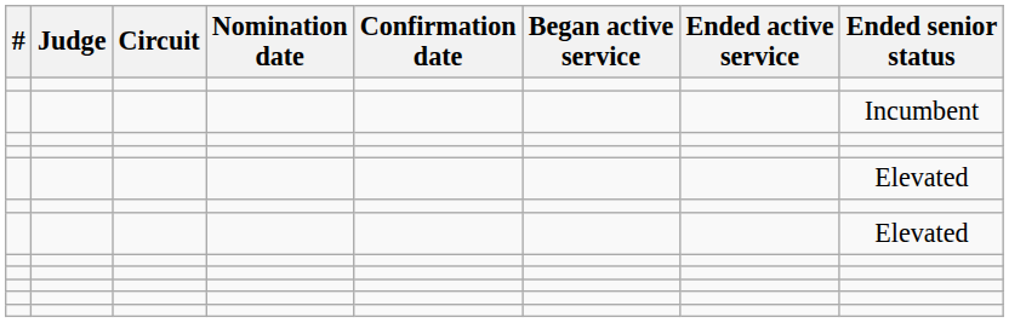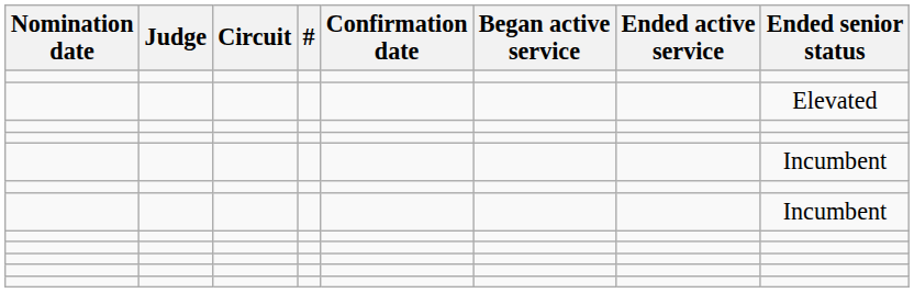 <table class="sortable wikitable">
 <tr bgcolor="#ececec">
-<th>#</th>
+<th>Nomination<br>date</th>
 <th>Judge</th>
 <th>Circuit</th>
-<th>Nomination<br>date</th>
+<th>#</th>
 <th>Confirmation<br>date</th>
 <th>Began active<br>service</th>
 <th>Ended active<br>service</th>
 <th>Ended senior<br>status</th>
 </tr>
 <tr>
 <td></td>
 <td></td>
 <td></td>
 <td></td>
 <td></td>
 <td></td>
 <td></td>
 <td align="center"></td>
+</tr>
+<tr>
+<td></td>
+<td></td>
+<td></td>
+<td></td>
+<td></td>
+<td></td>
+<td></td>
+<td align="center">Elevated</td>
+</tr>
+<tr>
+<td></td>
+<td></td>
+<td></td>
+<td></td>
+<td></td>
+<td></td>
+<td></td>
+<td></td>
+</tr>
+<tr>
+<td></td>
+<td></td>
+<td></td>
+<td></td>
+<td></td>
+<td></td>
+<td></td>
+<td></td>
 </tr>
 <tr>
 <td></td>
 <td></td>
 <td></td>
 <td></td>
 <td></td>
 <td></td>
 <td></td>
 <td align="center">Incumbent</td>
 </tr>
 <tr>
 <td></td>
 <td></td>
 <td></td>
 <td></td>
 <td></td>
 <td></td>
 <td></td>
 <td></td>
 </tr>
 <tr>
 <td></td>
 <td></td>
 <td></td>
 <td></td>
 <td></td>
 <td></td>
 <td></td>
-<td></td>
-</tr>
-<tr>
-<td></td>
-<td></td>
-<td></td>
-<td></td>
-<td></td>
-<td></td>
-<td></td>
-<td align="center">Elevated</td>
-</tr>
-<tr>
-<td></td>
-<td></td>
-<td></td>
-<td></td>
-<td></td>
-<td></td>
-<td></td>
-<td></td>
-</tr>
-<tr>
-<td></td>
-<td></td>
-<td></td>
-<td></td>
-<td></td>
-<td></td>
-<td></td>
-<td align="center">Elevated</td>
+<td align="center">Incumbent</td>
 </tr>
 <tr>
 <td></td>
 <td></td>
 <td></td>
 <td></td>
 <td></td>
 <td></td>
 <td></td>
 <td></td>
 </tr>
 <tr>
 <td></td>
 <td></td>
 <td></td>
 <td></td>
 <td></td>
 <td></td>
 <td></td>
 <td></td>
 </tr>
 <tr>
 <td></td>
 <td></td>
 <td></td>
 <td></td>
 <td></td>
 <td></td>
 <td></td>
 <td align="center"></td>
 </tr>
 <tr>
 <td></td>
 <td></td>
 <td></td>
 <td></td>
 <td></td>
 <td></td>
 <td></td>
 <td></td>
 </tr>
 <tr>
 <td></td>
 <td></td>
 <td></td>
 <td></td>
 <td></td>
 <td></td>
 <td></td>
 <td></td>
 </tr>
 </table>
